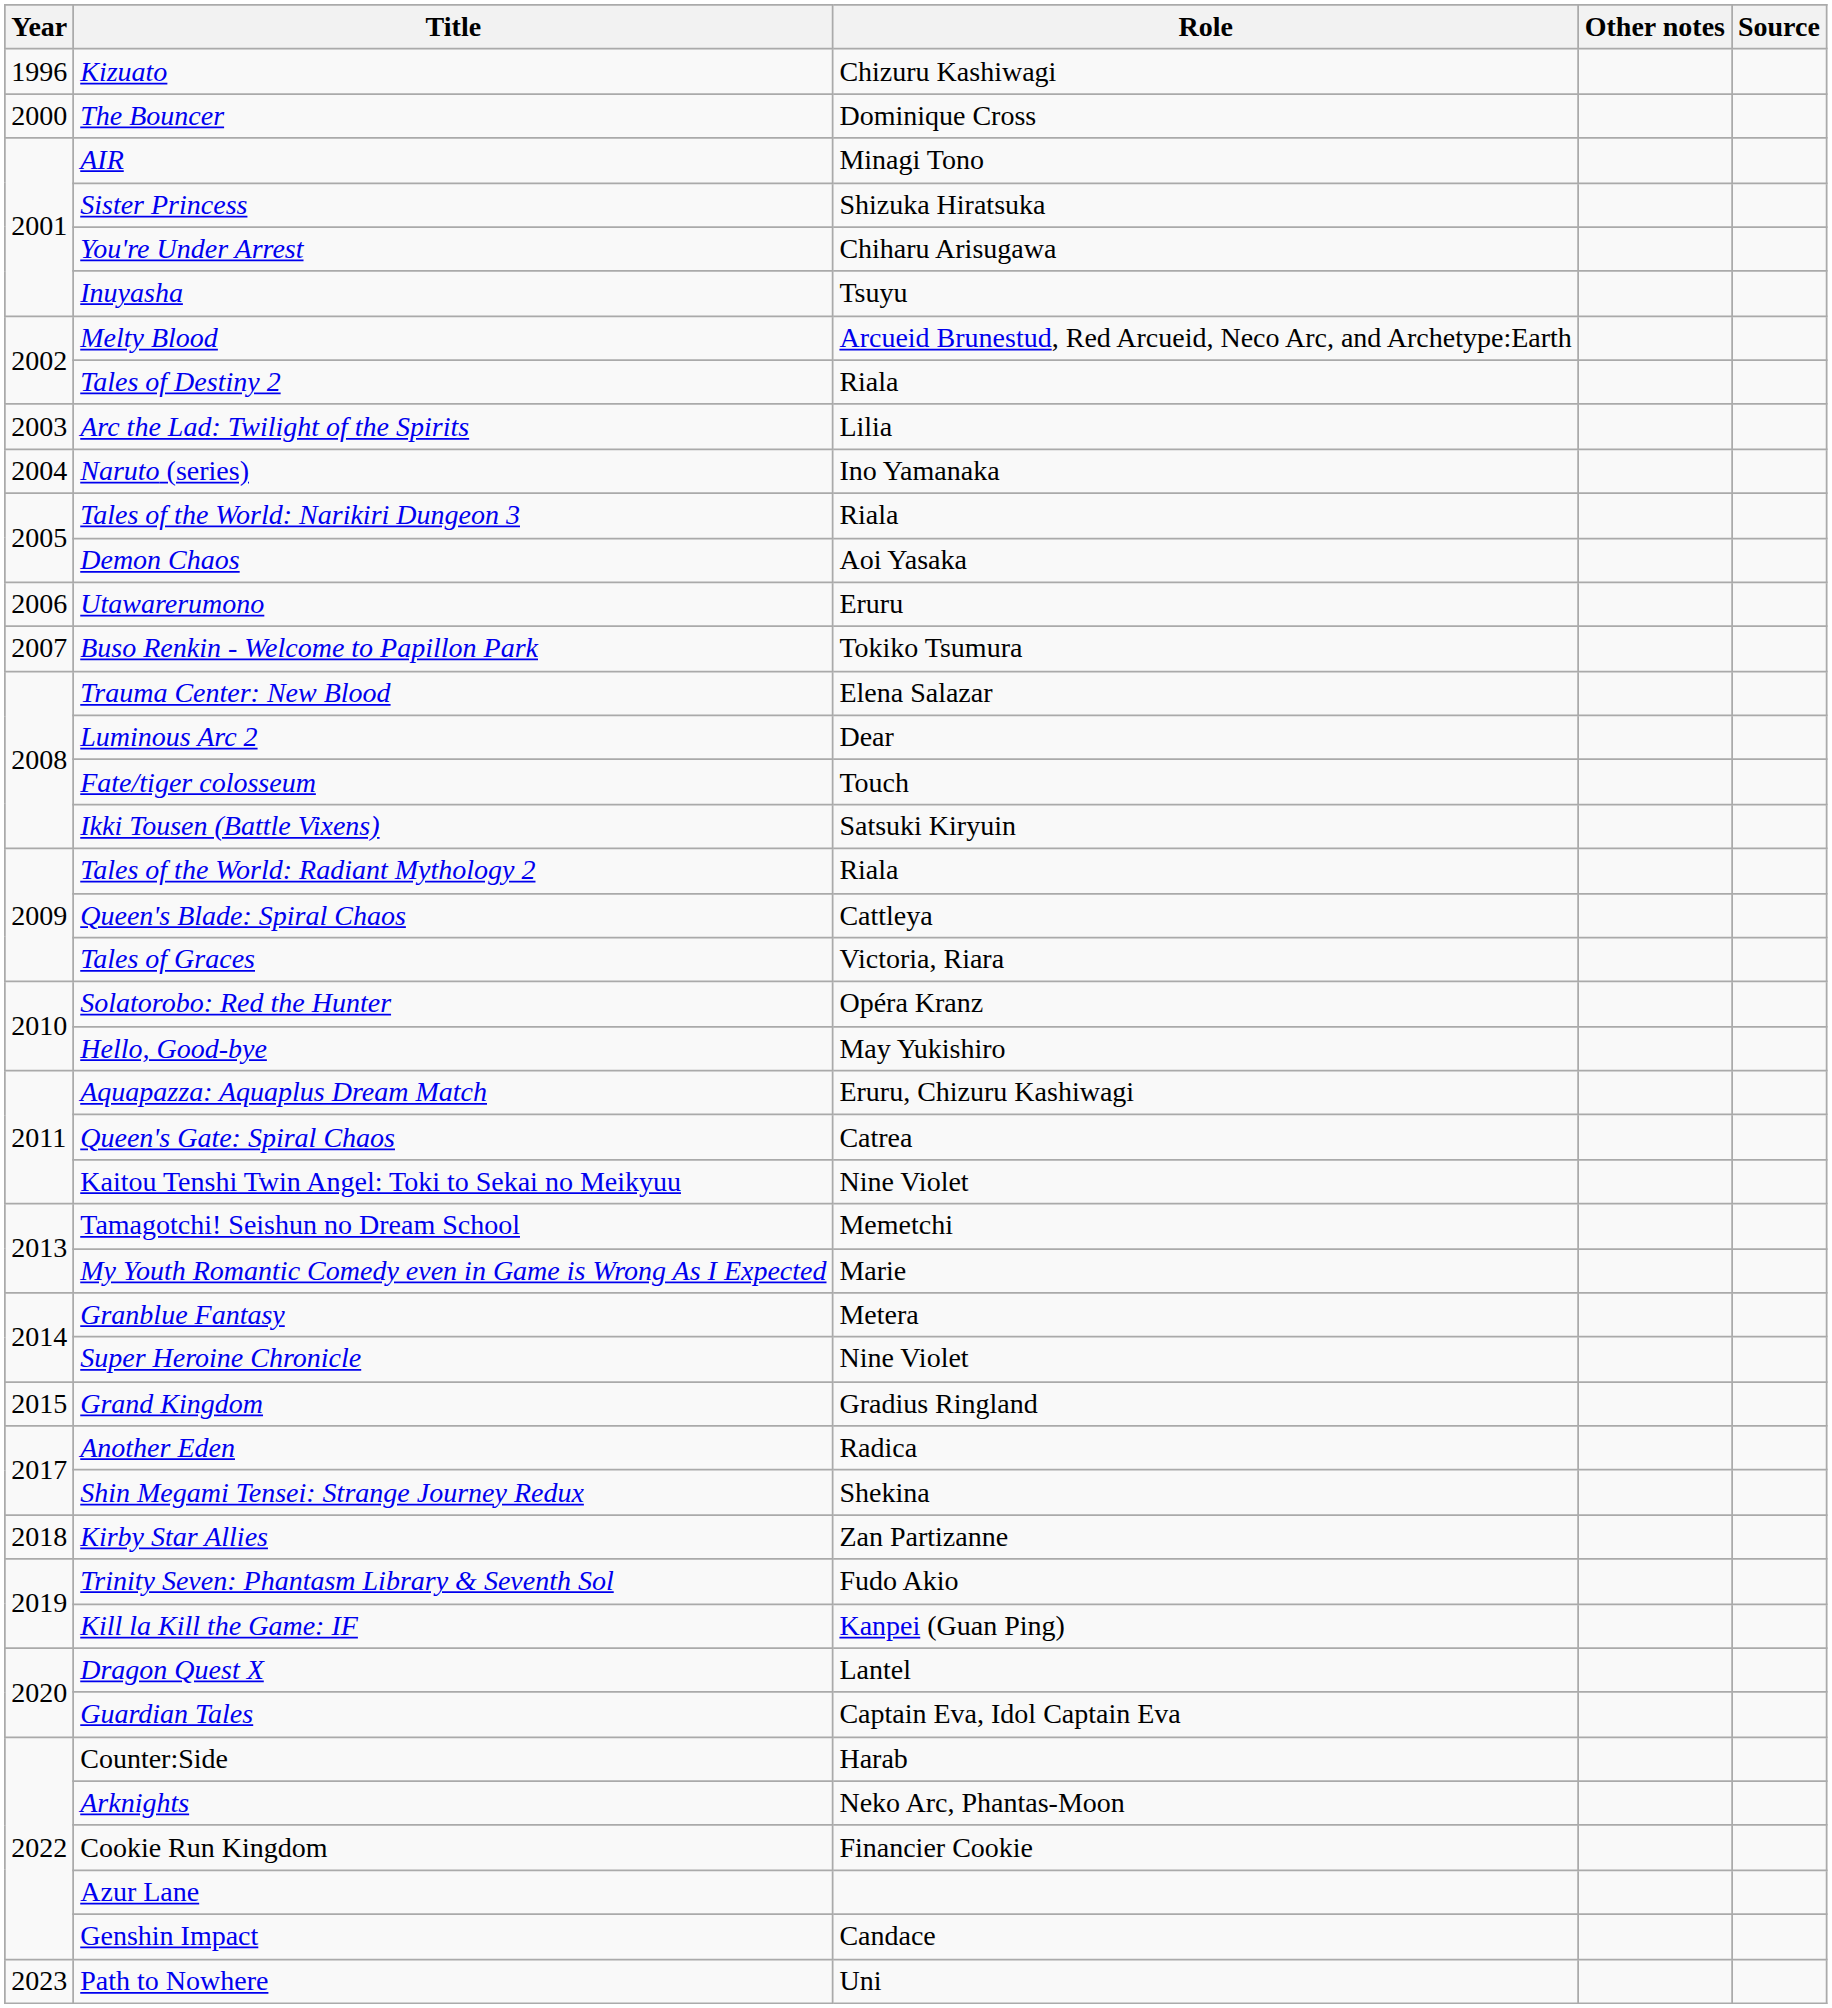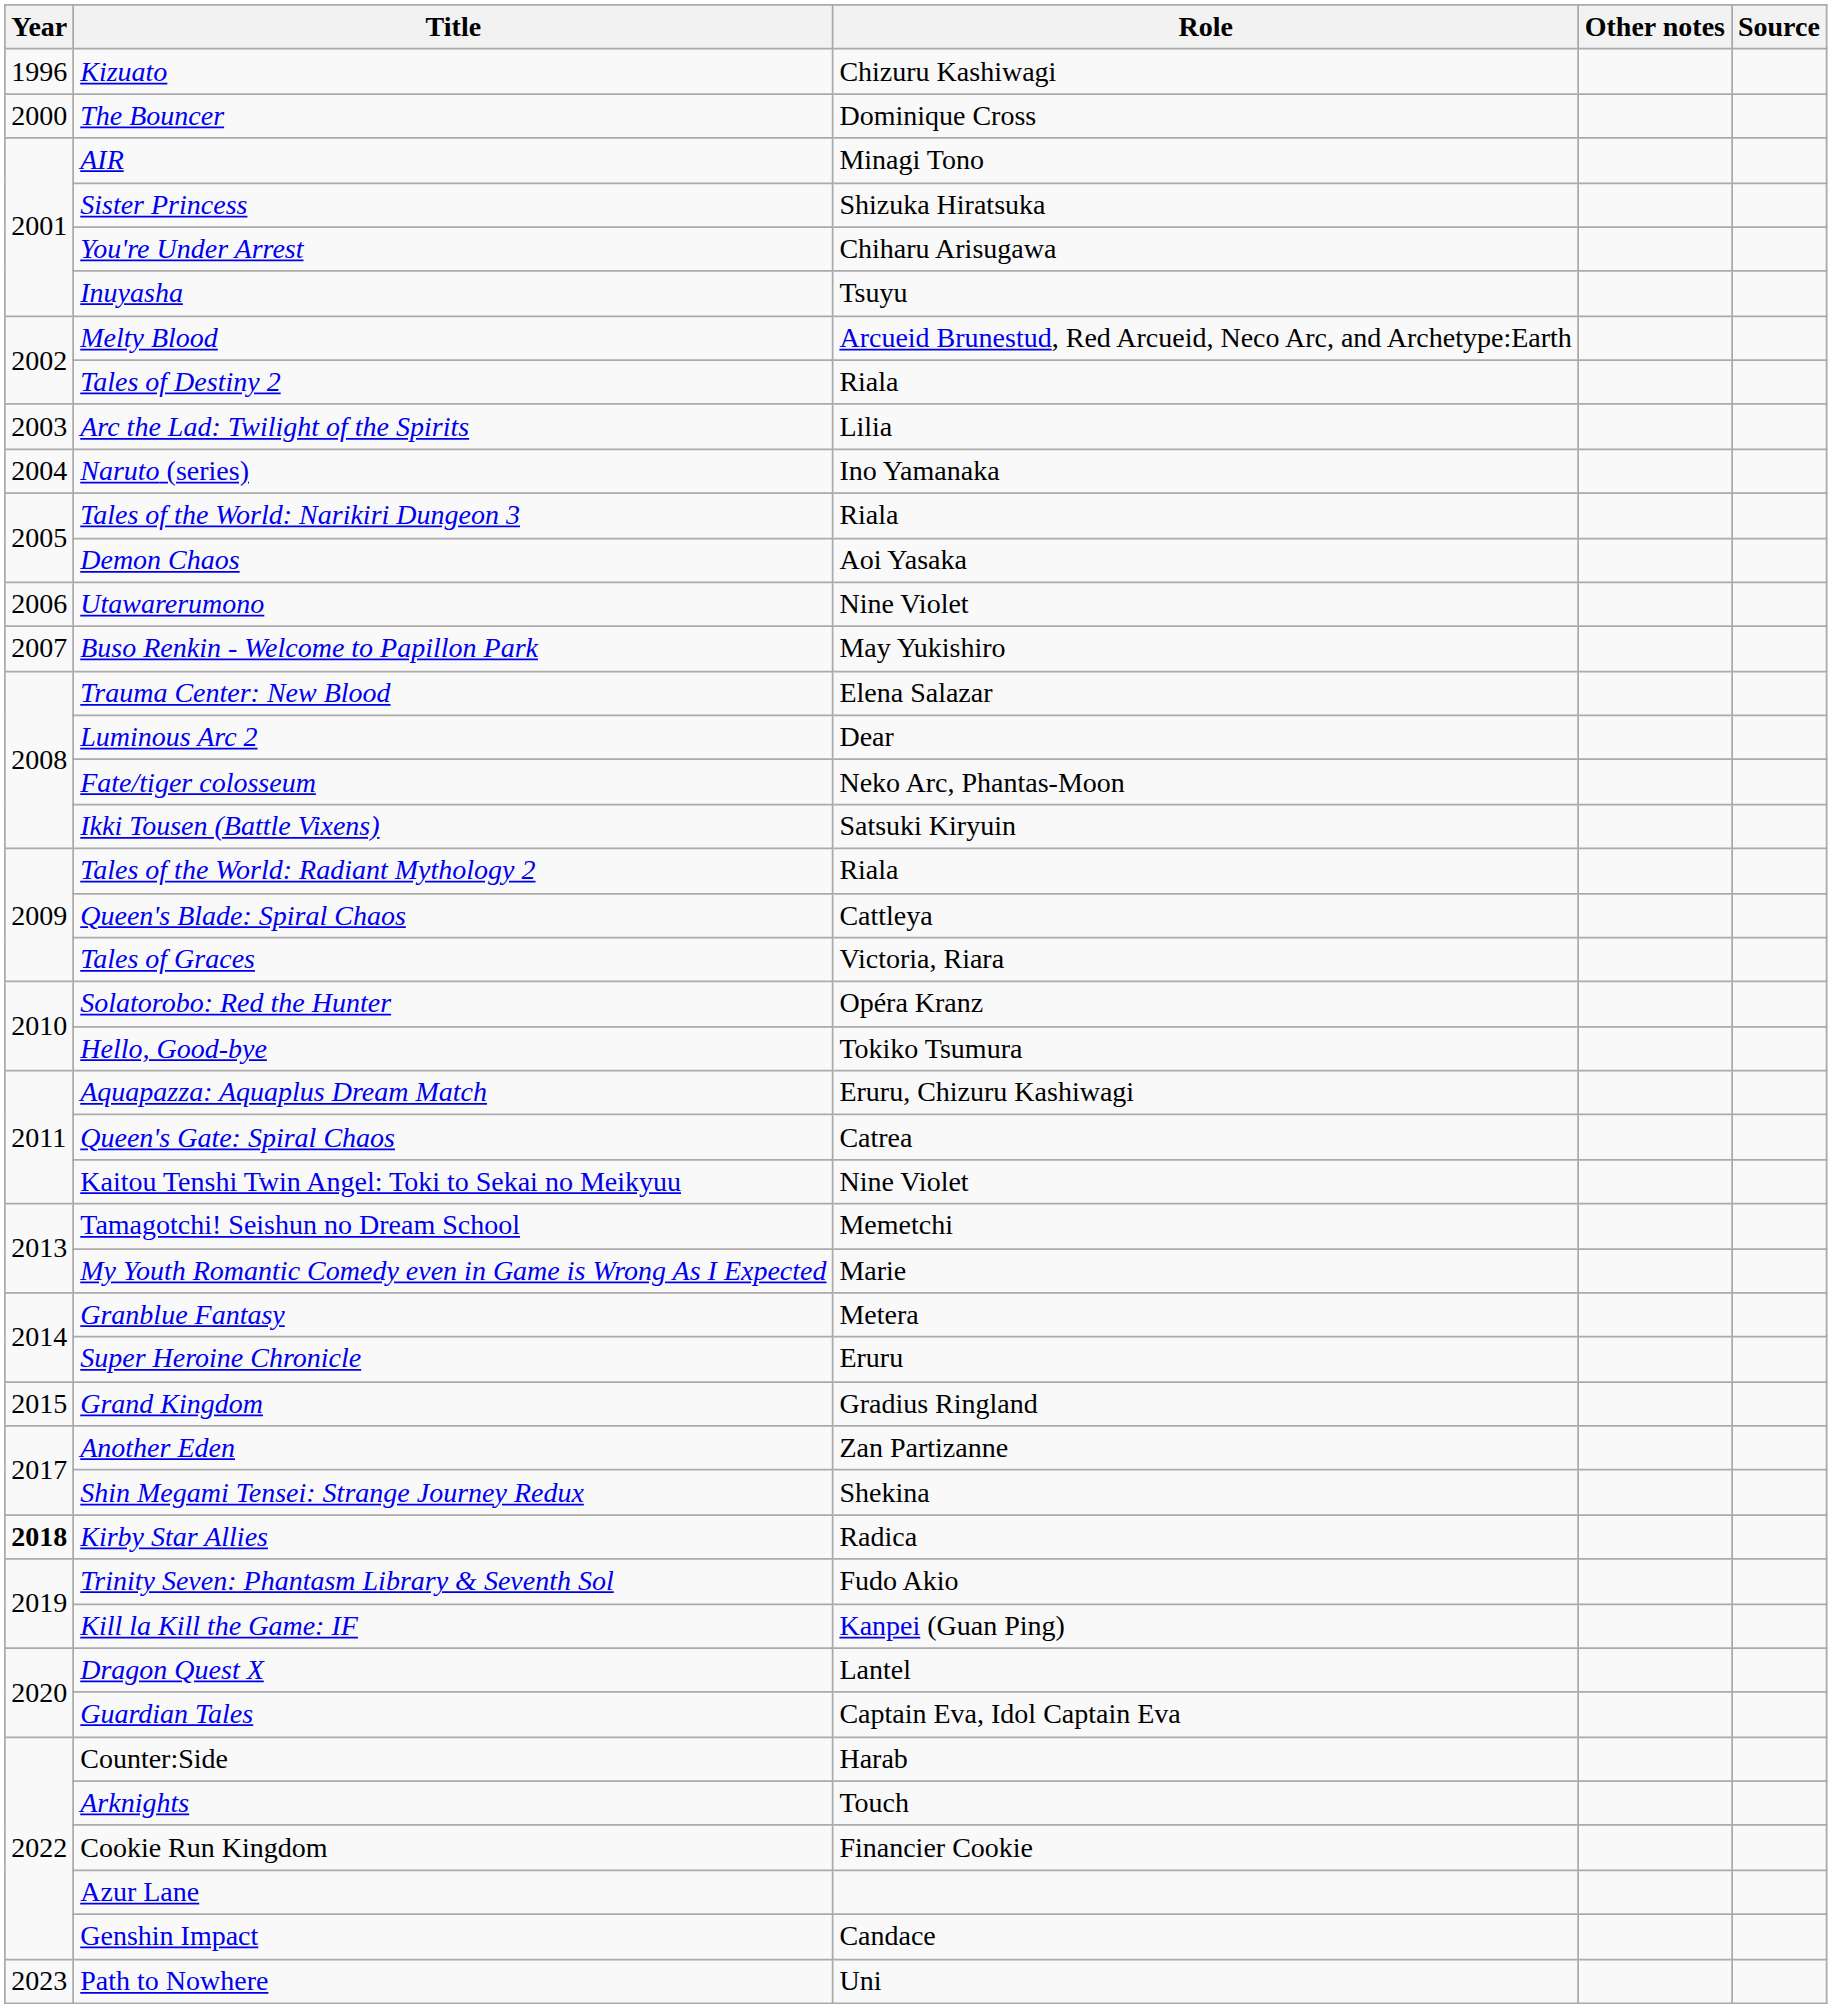 <table class="wikitable">
 <tr>
 <th>Year</th>
 <th>Title</th>
 <th>Role</th>
 <th>Other notes</th>
 <th>Source</th>
 </tr>
 <tr>
 <td>1996</td>
 <td><em><a href='#'>Kizuato</a></em></td>
 <td>Chizuru Kashiwagi</td>
 <td></td>
 <td></td>
 </tr>
 <tr>
 <td>2000</td>
 <td><em><a href='#'>The Bouncer</a></em></td>
 <td>Dominique Cross</td>
 <td></td>
 <td></td>
 </tr>
 <tr>
 <td rowspan="4">2001</td>
 <td><em><a href='#'>AIR</a></em></td>
 <td>Minagi Tono</td>
 <td></td>
 <td></td>
 </tr>
 <tr>
 <td><em><a href='#'>Sister Princess</a></em></td>
 <td>Shizuka Hiratsuka</td>
 <td></td>
 <td></td>
 </tr>
 <tr>
 <td><em><a href='#'>You're Under Arrest</a></em></td>
 <td>Chiharu Arisugawa</td>
 <td></td>
 <td></td>
 </tr>
 <tr>
 <td><em><a href='#'>Inuyasha</a></em></td>
 <td>Tsuyu</td>
 <td></td>
 <td></td>
 </tr>
 <tr>
 <td rowspan="2">2002</td>
 <td><em><a href='#'>Melty Blood</a></em></td>
 <td><a href='#'>Arcueid Brunestud</a>, Red Arcueid, Neco Arc, and Archetype:Earth</td>
 <td></td>
 <td></td>
 </tr>
 <tr>
 <td><em><a href='#'>Tales of Destiny 2</a></em></td>
 <td>Riala</td>
 <td></td>
 <td></td>
 </tr>
 <tr>
 <td>2003</td>
 <td><em><a href='#'>Arc the Lad: Twilight of the Spirits</a></em></td>
 <td>Lilia</td>
 <td></td>
 <td></td>
 </tr>
 <tr>
 <td>2004</td>
 <td><a href='#'><em>Naruto</em> (series)</a></td>
 <td>Ino Yamanaka</td>
 <td></td>
 <td></td>
 </tr>
 <tr>
 <td rowspan="2">2005</td>
 <td><em><a href='#'>Tales of the World: Narikiri Dungeon 3</a></em></td>
 <td>Riala</td>
 <td></td>
 <td></td>
 </tr>
 <tr>
 <td><em><a href='#'>Demon Chaos</a></em></td>
 <td>Aoi Yasaka</td>
 <td></td>
 <td></td>
 </tr>
 <tr>
 <td>2006</td>
 <td><em><a href='#'>Utawarerumono</a></em></td>
-<td>Eruru</td>
+<td>Nine Violet</td>
 <td></td>
 <td></td>
 </tr>
 <tr>
 <td>2007</td>
 <td><em><a href='#'>Buso Renkin - Welcome to Papillon Park</a></em></td>
-<td>Tokiko Tsumura</td>
+<td>May Yukishiro</td>
 <td></td>
 <td></td>
 </tr>
 <tr>
 <td rowspan="4">2008</td>
 <td><em><a href='#'>Trauma Center: New Blood</a></em></td>
 <td>Elena Salazar</td>
 <td></td>
 <td></td>
 </tr>
 <tr>
 <td><em><a href='#'>Luminous Arc 2</a></em></td>
 <td>Dear</td>
 <td></td>
 <td></td>
 </tr>
 <tr>
 <td><em><a href='#'>Fate/tiger colosseum</a></em></td>
-<td>Touch</td>
+<td>Neko Arc, Phantas-Moon</td>
 <td></td>
 <td></td>
 </tr>
 <tr>
 <td><em><a href='#'>Ikki Tousen (Battle Vixens)</a></em></td>
 <td>Satsuki Kiryuin</td>
 <td></td>
 <td></td>
 </tr>
 <tr>
 <td rowspan="3">2009</td>
 <td><em><a href='#'>Tales of the World: Radiant Mythology 2</a></em></td>
 <td>Riala</td>
 <td></td>
 <td></td>
 </tr>
 <tr>
 <td><em><a href='#'>Queen's Blade: Spiral Chaos</a></em></td>
 <td>Cattleya</td>
 <td></td>
 <td></td>
 </tr>
 <tr>
 <td><em><a href='#'>Tales of Graces</a></em></td>
 <td>Victoria, Riara</td>
 <td></td>
 <td></td>
 </tr>
 <tr>
 <td rowspan="2">2010</td>
 <td><em><a href='#'>Solatorobo: Red the Hunter</a></em></td>
 <td>Opéra Kranz</td>
 <td></td>
 <td></td>
 </tr>
 <tr>
 <td><em><a href='#'>Hello, Good-bye</a></em></td>
-<td>May Yukishiro</td>
+<td>Tokiko Tsumura</td>
 <td></td>
 <td></td>
 </tr>
 <tr>
 <td rowspan="3">2011</td>
 <td><em><a href='#'>Aquapazza: Aquaplus Dream Match</a></em></td>
 <td>Eruru, Chizuru Kashiwagi</td>
 <td></td>
 <td></td>
 </tr>
 <tr>
 <td><em><a href='#'>Queen's Gate: Spiral Chaos</a></em></td>
 <td>Catrea</td>
 <td></td>
 <td></td>
 </tr>
 <tr>
 <td><a href='#'>Kaitou Tenshi Twin Angel: Toki to Sekai no Meikyuu</a></td>
 <td>Nine Violet</td>
 <td></td>
 <td></td>
 </tr>
 <tr>
 <td rowspan="2">2013</td>
 <td><a href='#'>Tamagotchi! Seishun no Dream School</a></td>
 <td>Memetchi</td>
 <td></td>
 <td></td>
 </tr>
 <tr>
 <td><em><a href='#'>My Youth Romantic Comedy even in Game is Wrong As I Expected</a></em></td>
 <td>Marie</td>
 <td></td>
 <td></td>
 </tr>
 <tr>
 <td rowspan="2">2014</td>
 <td><em><a href='#'>Granblue Fantasy</a></em></td>
 <td>Metera</td>
 <td></td>
 <td></td>
 </tr>
 <tr>
 <td><em><a href='#'>Super Heroine Chronicle</a></em></td>
-<td>Nine Violet</td>
+<td>Eruru</td>
 <td></td>
 <td></td>
 </tr>
 <tr>
 <td>2015</td>
 <td><em><a href='#'>Grand Kingdom</a></em></td>
 <td>Gradius Ringland</td>
 <td></td>
 <td></td>
 </tr>
 <tr>
 <td rowspan="2">2017</td>
 <td><em><a href='#'>Another Eden</a></em></td>
-<td>Radica</td>
+<td>Zan Partizanne</td>
 <td></td>
 <td></td>
 </tr>
 <tr>
 <td><em><a href='#'>Shin Megami Tensei: Strange Journey Redux</a></em></td>
 <td>Shekina</td>
 <td></td>
 <td></td>
 </tr>
 <tr>
-<td>2018</td>
+<td><strong>2018</strong></td>
 <td><em><a href='#'>Kirby Star Allies</a></em></td>
-<td>Zan Partizanne</td>
+<td>Radica</td>
 <td></td>
 <td></td>
 </tr>
 <tr>
 <td rowspan="2">2019</td>
 <td><em><a href='#'>Trinity Seven: Phantasm Library & Seventh Sol</a></em></td>
 <td>Fudo Akio</td>
 <td></td>
 <td></td>
 </tr>
 <tr>
 <td><em><a href='#'>Kill la Kill the Game: IF</a></em></td>
 <td><a href='#'>Kanpei</a> (Guan Ping)</td>
 <td></td>
 <td></td>
 </tr>
 <tr>
 <td rowspan="2">2020</td>
 <td><em><a href='#'>Dragon Quest X</a></em></td>
 <td>Lantel</td>
 <td></td>
 <td></td>
 </tr>
 <tr>
 <td><em><a href='#'>Guardian Tales</a></em></td>
 <td>Captain Eva, Idol Captain Eva</td>
 <td></td>
 <td></td>
 </tr>
 <tr>
 <td rowspan="5">2022</td>
 <td>Counter:Side</td>
 <td>Harab</td>
 <td></td>
 <td></td>
 </tr>
 <tr>
 <td><em><a href='#'>Arknights</a></em></td>
-<td>Neko Arc, Phantas-Moon</td>
+<td>Touch</td>
 <td></td>
 <td></td>
 </tr>
 <tr>
 <td>Cookie Run Kingdom</td>
 <td>Financier Cookie</td>
 <td></td>
 <td></td>
 </tr>
 <tr>
 <td><a href='#'>Azur Lane</a></td>
 <td></td>
 <td></td>
 <td></td>
 </tr>
 <tr>
 <td><a href='#'>Genshin Impact</a></td>
 <td>Candace</td>
 <td></td>
 <td></td>
 </tr>
 <tr>
 <td>2023</td>
 <td><a href='#'>Path to Nowhere</a></td>
 <td>Uni</td>
 <td></td>
 <td></td>
 </tr>
 </table>
